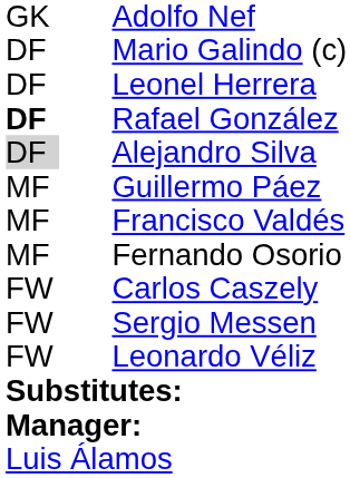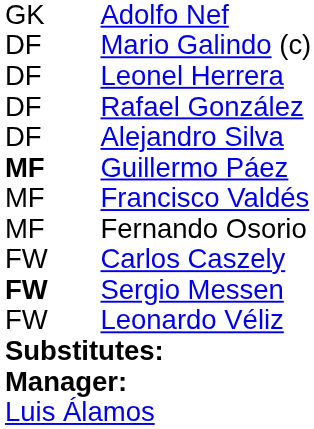 <table style="font-size:90%; margin:0.2em auto;" cellspacing="0" cellpadding="0">
 <tr>
 <th width="25"></th>
 <th width="25"></th>
 </tr>
 <tr>
 <td>GK</td>
 <td></td>
 <td> <a href='#'>Adolfo Nef</a></td>
 </tr>
 <tr>
 <td>DF</td>
 <td></td>
 <td> <a href='#'>Mario Galindo</a> (c)</td>
 </tr>
 <tr>
 <td>DF</td>
 <td></td>
 <td> <a href='#'>Leonel Herrera</a></td>
 </tr>
 <tr>
-<td><strong>DF</strong></td>
+<td>DF</td>
 <td></td>
 <td> <a href='#'>Rafael González</a></td>
 </tr>
 <tr>
-<td style="background: lightgrey;">DF</td>
+<td>DF</td>
 <td></td>
 <td> <a href='#'>Alejandro Silva</a></td>
 </tr>
 <tr>
-<td>MF</td>
+<td><strong>MF</strong></td>
 <td></td>
 <td> <a href='#'>Guillermo Páez</a></td>
 </tr>
 <tr>
 <td>MF</td>
 <td></td>
 <td> <a href='#'>Francisco Valdés</a></td>
 </tr>
 <tr>
 <td>MF</td>
 <td></td>
 <td> Fernando Osorio</td>
 </tr>
 <tr>
 <td>FW</td>
 <td></td>
 <td> <a href='#'>Carlos Caszely</a></td>
 </tr>
 <tr>
-<td>FW</td>
+<td><strong>FW</strong></td>
 <td></td>
 <td> <a href='#'>Sergio Messen</a></td>
 </tr>
 <tr>
 <td>FW</td>
 <td></td>
 <td> <a href='#'>Leonardo Véliz</a></td>
 </tr>
 <tr>
 <td colspan=3><strong>Substitutes:</strong></td>
 </tr>
 <tr>
 <td colspan=3><strong>Manager:</strong></td>
 </tr>
 <tr>
 <td colspan=4> <a href='#'>Luis Álamos</a></td>
 </tr>
 </table>
